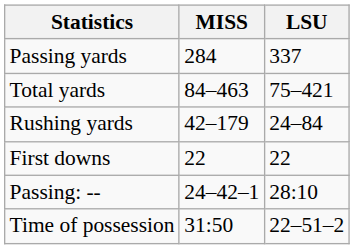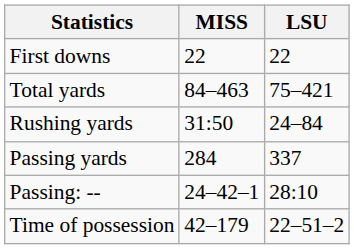 <table class="wikitable" style="float: left;">
 <tr>
 <th>Statistics</th>
 <th>MISS</th>
 <th>LSU</th>
 </tr>
 <tr>
-<td>Passing yards</td>
-<td>284</td>
-<td>337</td>
+<td>First downs</td>
+<td>22</td>
+<td>22</td>
 </tr>
 <tr>
 <td>Total yards</td>
 <td>84–463</td>
 <td>75–421</td>
 </tr>
 <tr>
 <td>Rushing yards</td>
-<td>42–179</td>
+<td>31:50</td>
 <td>24–84</td>
 </tr>
 <tr>
-<td>First downs</td>
-<td>22</td>
-<td>22</td>
+<td>Passing yards</td>
+<td>284</td>
+<td>337</td>
 </tr>
 <tr>
 <td>Passing: --</td>
 <td>24–42–1</td>
 <td>28:10</td>
 </tr>
 <tr>
 <td>Time of possession</td>
-<td>31:50</td>
+<td>42–179</td>
 <td>22–51–2</td>
 </tr>
 </table>
